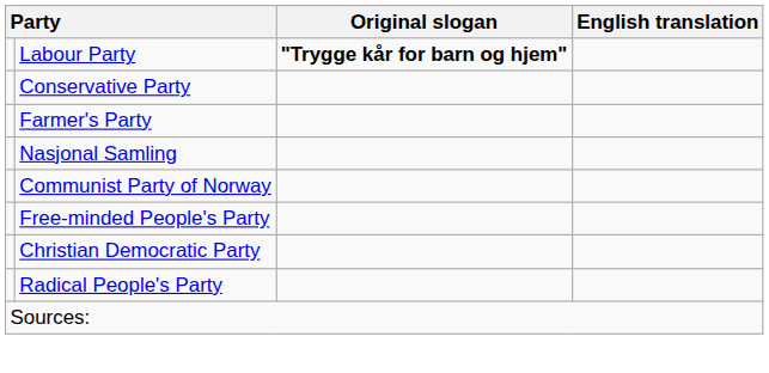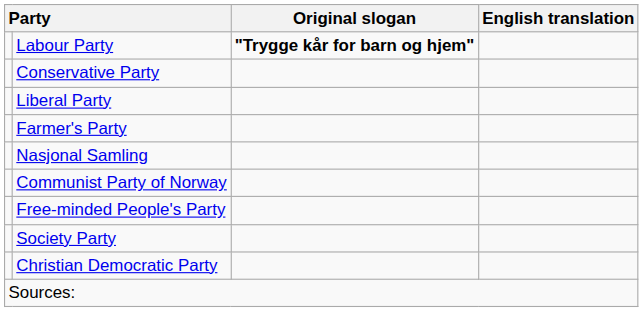 <table class="wikitable" style="font-size:97%; text-align:left">
 <tr>
 <th colspan="2" style="text-align:left;">Party</th>
 <th>Original slogan</th>
 <th>English translation</th>
 </tr>
 <tr>
 <td style="background:"></td>
 <td><a href='#'>Labour Party</a></td>
 <td><strong>"Trygge kår for barn og hjem"</strong></td>
 <td></td>
 </tr>
 <tr>
 <td style="background:"></td>
 <td><a href='#'>Conservative Party</a></td>
+<td></td>
+<td></td>
+</tr>
+<tr>
+<td style="background:"></td>
+<td><a href='#'>Liberal Party</a></td>
 <td></td>
 <td></td>
 </tr>
 <tr>
 <td style="background:"></td>
 <td><a href='#'>Farmer's Party</a></td>
 <td></td>
 <td></td>
 </tr>
 <tr>
 <td style="background:"></td>
 <td><a href='#'>Nasjonal Samling</a></td>
 <td></td>
 <td></td>
 </tr>
 <tr>
 <td style="background:"></td>
 <td><a href='#'>Communist Party of Norway</a></td>
 <td></td>
 <td></td>
 </tr>
 <tr>
 <td style="background:"></td>
 <td><a href='#'>Free-minded People's Party</a></td>
 <td></td>
 <td></td>
 </tr>
 <tr>
 <td style="background:"></td>
-<td><a href='#'>Christian Democratic Party</a></td>
+<td><a href='#'>Society Party</a></td>
 <td></td>
 <td></td>
 </tr>
 <tr>
 <td style="background:"></td>
-<td><a href='#'>Radical People's Party</a></td>
+<td><a href='#'>Christian Democratic Party</a></td>
 <td></td>
 <td></td>
 </tr>
 <tr>
 <td colspan="4">Sources: </td>
 </tr>
 </table>
